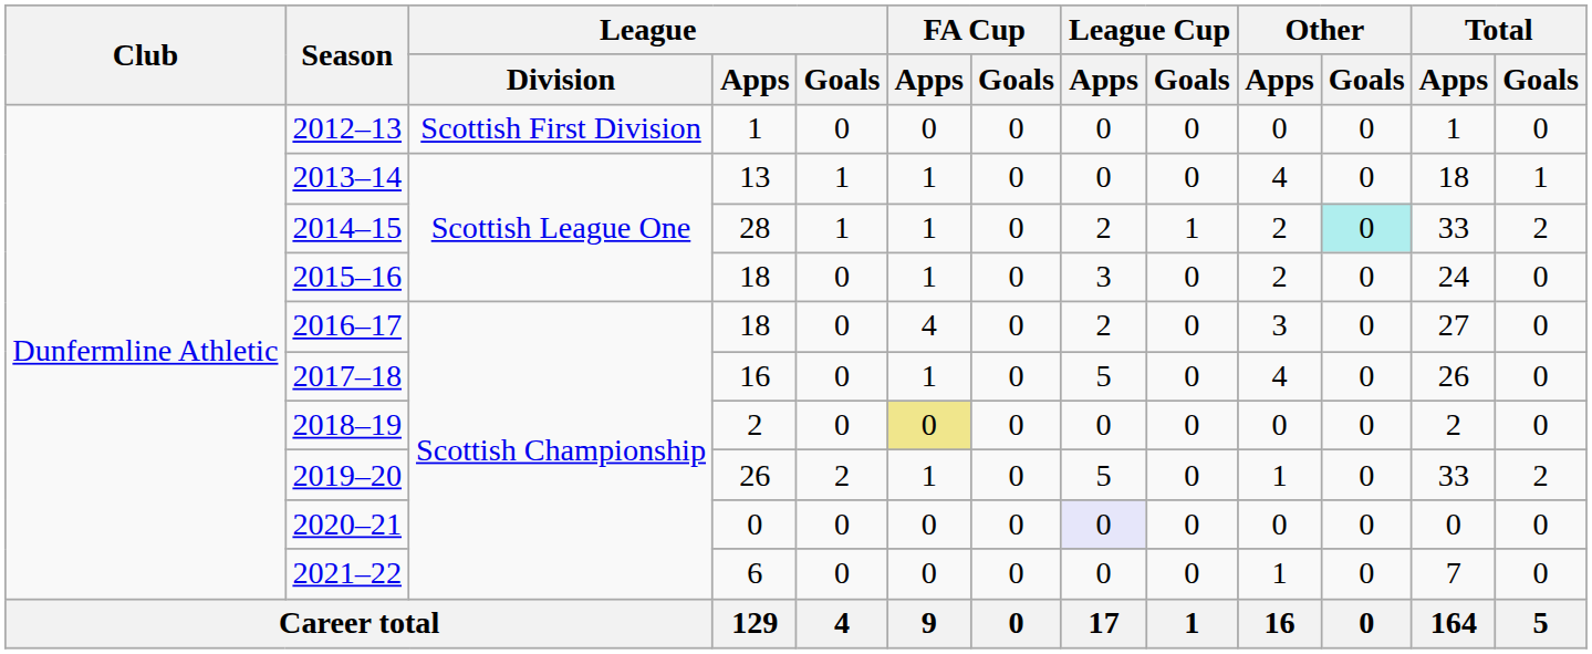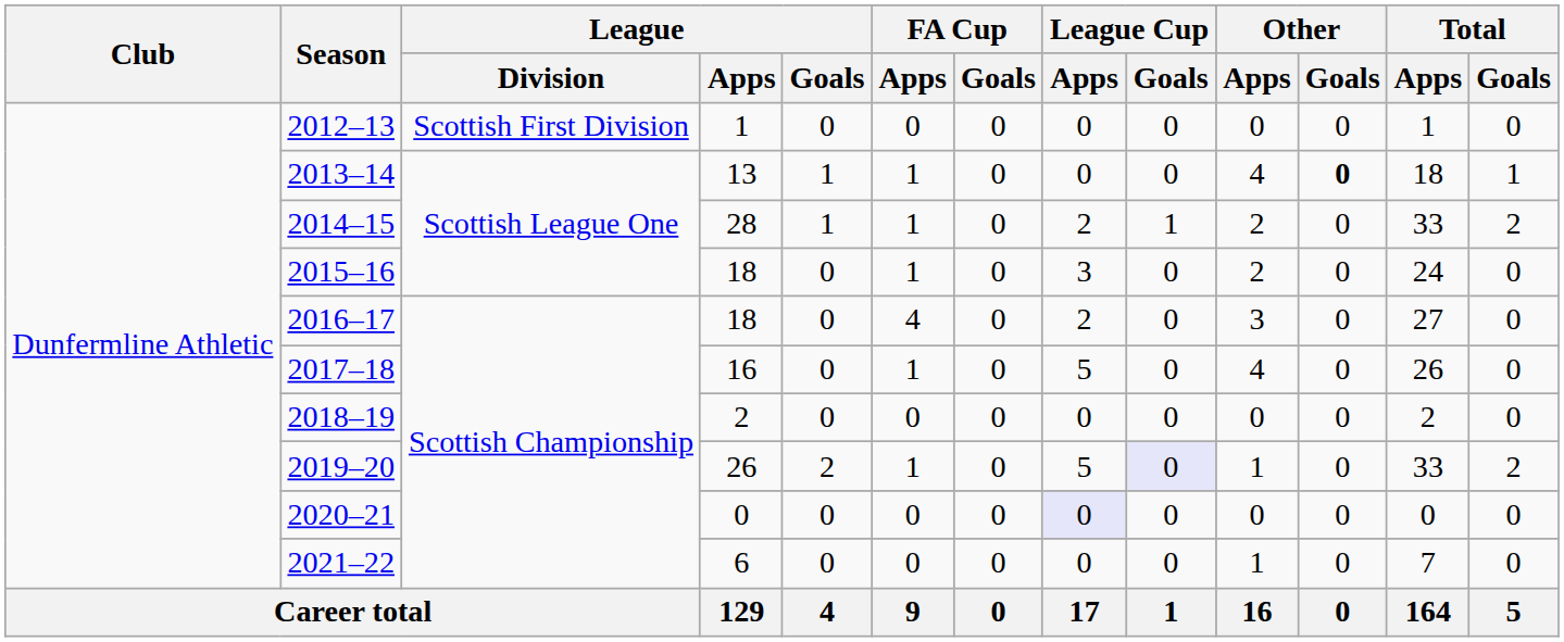 <table class="wikitable" style="text-align: center">
 <tr>
 <th rowspan="2">Club</th>
 <th rowspan="2">Season</th>
 <th colspan="3">League</th>
 <th colspan="2">FA Cup</th>
 <th colspan="2">League Cup</th>
 <th colspan="2">Other</th>
 <th colspan="2">Total</th>
 </tr>
 <tr>
 <th>Division</th>
 <th>Apps</th>
 <th>Goals</th>
 <th>Apps</th>
 <th>Goals</th>
 <th>Apps</th>
 <th>Goals</th>
 <th>Apps</th>
 <th>Goals</th>
 <th>Apps</th>
 <th>Goals</th>
 </tr>
 <tr>
 <td rowspan="10"><a href='#'>Dunfermline Athletic</a></td>
 <td><a href='#'>2012–13</a></td>
 <td><a href='#'>Scottish First Division</a></td>
 <td>1</td>
 <td>0</td>
 <td>0</td>
 <td>0</td>
 <td>0</td>
 <td>0</td>
 <td>0</td>
 <td>0</td>
 <td>1</td>
 <td>0</td>
 </tr>
 <tr>
 <td><a href='#'>2013–14</a></td>
 <td rowspan="3"><a href='#'>Scottish League One</a></td>
 <td>13</td>
 <td>1</td>
 <td>1</td>
 <td>0</td>
 <td>0</td>
 <td>0</td>
 <td>4</td>
-<td>0</td>
+<td><strong>0</strong></td>
 <td>18</td>
 <td>1</td>
 </tr>
 <tr>
 <td><a href='#'>2014–15</a></td>
 <td>28</td>
 <td>1</td>
 <td>1</td>
 <td>0</td>
 <td>2</td>
 <td>1</td>
 <td>2</td>
-<td style="background: paleturquoise;">0</td>
+<td>0</td>
 <td>33</td>
 <td>2</td>
 </tr>
 <tr>
 <td><a href='#'>2015–16</a></td>
 <td>18</td>
 <td>0</td>
 <td>1</td>
 <td>0</td>
 <td>3</td>
 <td>0</td>
 <td>2</td>
 <td>0</td>
 <td>24</td>
 <td>0</td>
 </tr>
 <tr>
 <td><a href='#'>2016–17</a></td>
 <td rowspan="6"><a href='#'>Scottish Championship</a></td>
 <td>18</td>
 <td>0</td>
 <td>4</td>
 <td>0</td>
 <td>2</td>
 <td>0</td>
 <td>3</td>
 <td>0</td>
 <td>27</td>
 <td>0</td>
 </tr>
 <tr>
 <td><a href='#'>2017–18</a></td>
 <td>16</td>
 <td>0</td>
 <td>1</td>
 <td>0</td>
 <td>5</td>
 <td>0</td>
 <td>4</td>
 <td>0</td>
 <td>26</td>
 <td>0</td>
 </tr>
 <tr>
 <td><a href='#'>2018–19</a></td>
 <td>2</td>
 <td>0</td>
-<td style="background: khaki;">0</td>
+<td>0</td>
 <td>0</td>
 <td>0</td>
 <td>0</td>
 <td>0</td>
 <td>0</td>
 <td>2</td>
 <td>0</td>
 </tr>
 <tr>
 <td><a href='#'>2019–20</a></td>
 <td>26</td>
 <td>2</td>
 <td>1</td>
 <td>0</td>
 <td>5</td>
-<td>0</td>
+<td style="background: lavender;">0</td>
 <td>1</td>
 <td>0</td>
 <td>33</td>
 <td>2</td>
 </tr>
 <tr>
 <td><a href='#'>2020–21</a></td>
 <td>0</td>
 <td>0</td>
 <td>0</td>
 <td>0</td>
 <td style="background: lavender;">0</td>
 <td>0</td>
 <td>0</td>
 <td>0</td>
 <td>0</td>
 <td>0</td>
 </tr>
 <tr>
 <td><a href='#'>2021–22</a></td>
 <td>6</td>
 <td>0</td>
 <td>0</td>
 <td>0</td>
 <td>0</td>
 <td>0</td>
 <td>1</td>
 <td>0</td>
 <td>7</td>
 <td>0</td>
 </tr>
 <tr>
 <th colspan="3">Career total</th>
 <th>129</th>
 <th>4</th>
 <th>9</th>
 <th>0</th>
 <th>17</th>
 <th>1</th>
 <th>16</th>
 <th>0</th>
 <th>164</th>
 <th>5</th>
 </tr>
 </table>
